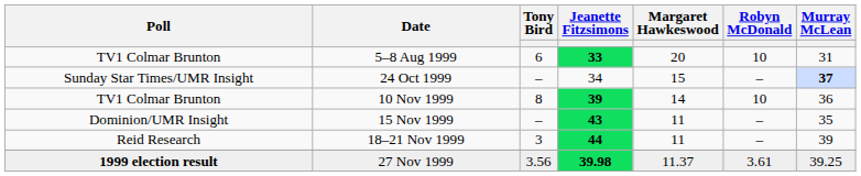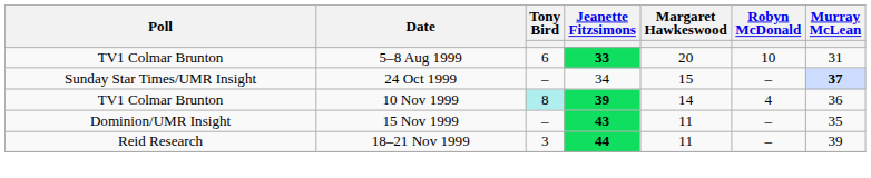 <table class="wikitable" style="width:850px;font-size:90%;line-height:14px;text-align:center;">
 <tr style="height:32px">
 <th style="width:300px;" rowspan="2">Poll</th>
 <th style="width:200px;" rowspan="2">Date</th>
 <th>Tony Bird</th>
 <th><a href='#'>Jeanette Fitzsimons</a></th>
 <th>Margaret Hawkeswood</th>
 <th><a href='#'>Robyn McDonald</a></th>
 <th><a href='#'>Murray McLean</a></th>
 </tr>
 <tr>
 <th class="unsortable" style="color:inherit;background:"></th>
 <th class="unsortable" style="color:inherit;background:"></th>
 <th class="unsortable" style="color:inherit;background:"></th>
 <th class="unsortable" style="color:inherit;background:"></th>
 <th class="unsortable" style="color:inherit;background:"></th>
 </tr>
 <tr>
 <td>TV1 Colmar Brunton</td>
 <td>5–8 Aug 1999</td>
 <td>6</td>
 <td style="background:#10de5f"><strong>33</strong></td>
 <td>20</td>
 <td>10</td>
 <td>31</td>
 </tr>
 <tr>
 <td>Sunday Star Times/UMR Insight</td>
 <td>24 Oct 1999</td>
 <td>–</td>
 <td>34</td>
 <td>15</td>
 <td>–</td>
 <td style="background:#CCDDFF"><strong>37</strong></td>
 </tr>
 <tr>
 <td>TV1 Colmar Brunton</td>
 <td>10 Nov 1999</td>
-<td>8</td>
+<td style="background: paleturquoise;">8</td>
 <td style="background:#10de5f"><strong>39</strong></td>
 <td>14</td>
-<td>10</td>
+<td>4</td>
 <td>36</td>
 </tr>
 <tr>
 <td>Dominion/UMR Insight</td>
 <td>15 Nov 1999</td>
 <td>–</td>
 <td style="background:#10de5f"><strong>43</strong></td>
 <td>11</td>
 <td>–</td>
 <td>35</td>
 </tr>
 <tr>
 <td>Reid Research</td>
 <td>18–21 Nov 1999</td>
 <td>3</td>
 <td style="background:#10de5f"><strong>44</strong></td>
 <td>11</td>
 <td>–</td>
 <td>39</td>
 </tr>
 <tr>
 </tr>
-<tr style="background:#EFEFEF; font-weight:italic;">
-<td><strong>1999 election result</strong></td>
-<td>27 Nov 1999</td>
-<td>3.56</td>
-<td style="background:#10de5f"><strong>39.98</strong></td>
-<td>11.37</td>
-<td>3.61</td>
-<td>39.25</td>
-</tr>
 </table>
